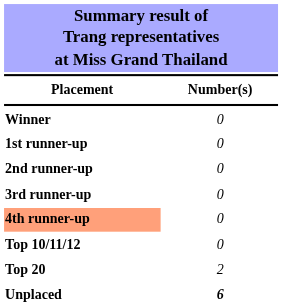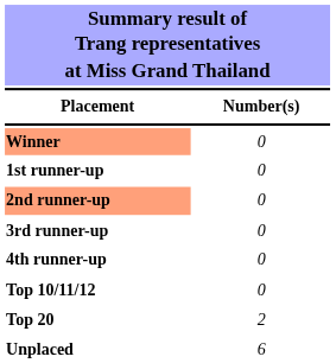 <table style="width: 270px; font-size:85%; line-height:1.5em;">
 <tr>
 <th colspan="2" align="center" style="background:#AAF;"><big>Summary result of<br>Trang representatives<br>at Miss Grand Thailand</big></th>
 </tr>
 <tr>
 <td colspan="2" style="background:black"></td>
 </tr>
 <tr>
 <th scope="col">Placement</th>
 <th scope="col">Number(s)</th>
 </tr>
 <tr>
 <td colspan="2" style="background:black"></td>
 </tr>
 <tr>
-<td align="left"><strong>Winner</strong></td>
+<td align="left" style="background: lightsalmon;"><strong>Winner</strong></td>
 <td align="center"><em>0</em></td>
 </tr>
 <tr>
 <td align="left"><strong>1st runner-up</strong></td>
 <td align="center"><em>0</em></td>
 </tr>
 <tr>
-<td align="left"><strong>2nd runner-up</strong></td>
+<td align="left" style="background: lightsalmon;"><strong>2nd runner-up</strong></td>
 <td align="center"><em>0</em></td>
 </tr>
 <tr>
 <td align="left"><strong>3rd runner-up</strong></td>
 <td align="center"><em>0</em></td>
 </tr>
 <tr>
-<td align="left" style="background: lightsalmon;"><strong>4th runner-up</strong></td>
+<td align="left"><strong>4th runner-up</strong></td>
 <td align="center"><em>0</em></td>
 </tr>
 <tr>
 <td align="left"><strong>Top 10/11/12</strong></td>
 <td align="center"><em>0</em></td>
 </tr>
 <tr>
 <td align="left"><strong>Top 20</strong></td>
 <td align="center"><em>2</em></td>
 </tr>
 <tr>
 <td align="left"><strong>Unplaced</strong></td>
-<td align="center"><strong><em>6</em></strong></td>
+<td align="center"><em>6</em></td>
 </tr>
 </table>
